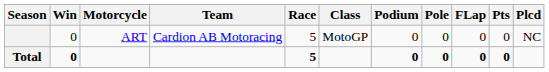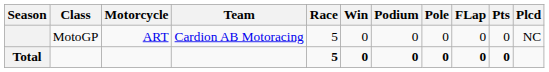 <table class="wikitable" style=text-align:right>
 <tr>
 <th>Season</th>
-<th>Win</th>
+<th>Class</th>
 <th>Motorcycle</th>
 <th>Team</th>
 <th>Race</th>
-<th>Class</th>
+<th>Win</th>
 <th>Podium</th>
 <th>Pole</th>
 <th>FLap</th>
 <th>Pts</th>
 <th>Plcd</th>
 </tr>
 <tr>
 <th></th>
-<td>0</td>
+<td>MotoGP</td>
 <td><a href='#'>ART</a></td>
 <td><a href='#'>Cardion AB Motoracing</a></td>
 <td>5</td>
-<td>MotoGP</td>
+<td>0</td>
 <td>0</td>
 <td>0</td>
 <td>0</td>
 <td>0</td>
 <td>NC</td>
 </tr>
 <tr>
 <th>Total</th>
-<td><strong>0</strong></td>
+<td></td>
 <td></td>
 <td></td>
 <td><strong>5</strong></td>
-<td></td>
+<td><strong>0</strong></td>
 <td><strong>0</strong></td>
 <td><strong>0</strong></td>
 <td><strong>0</strong></td>
 <td><strong>0</strong></td>
 <td></td>
 </tr>
 </table>
